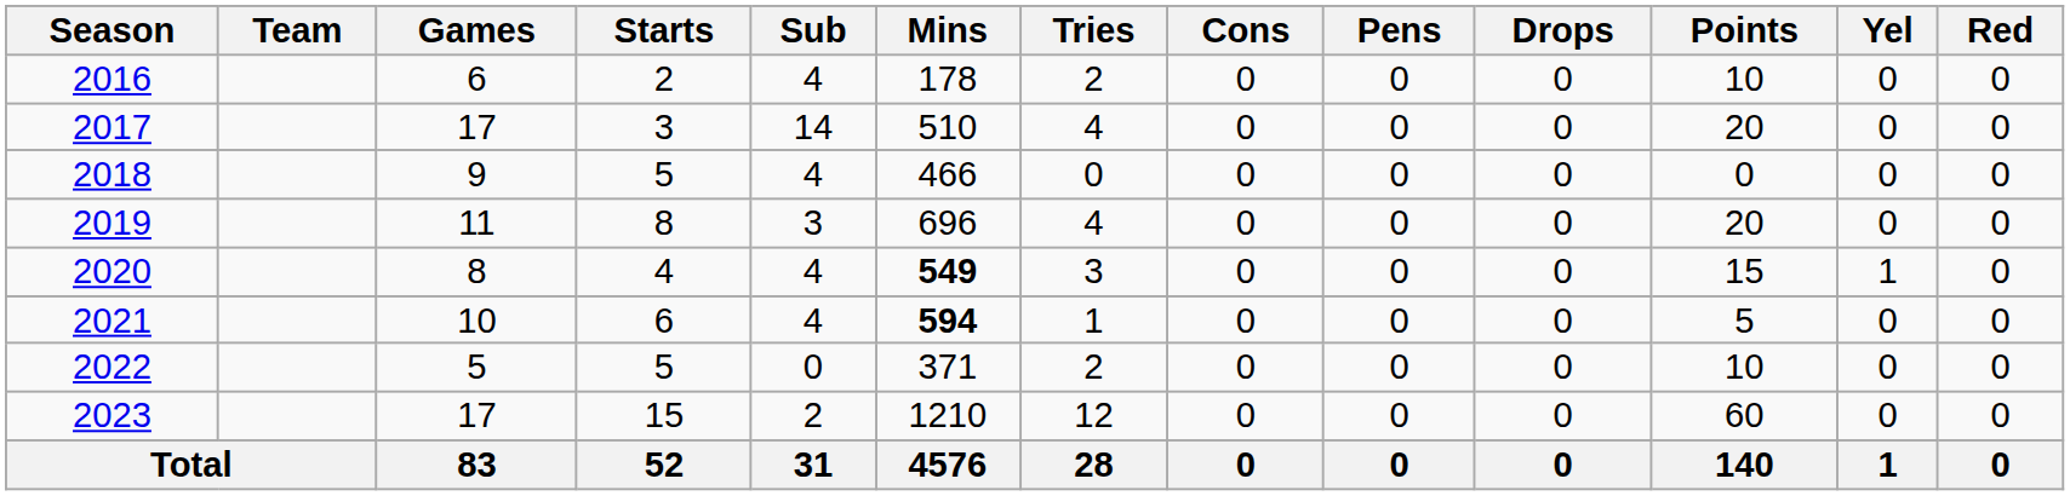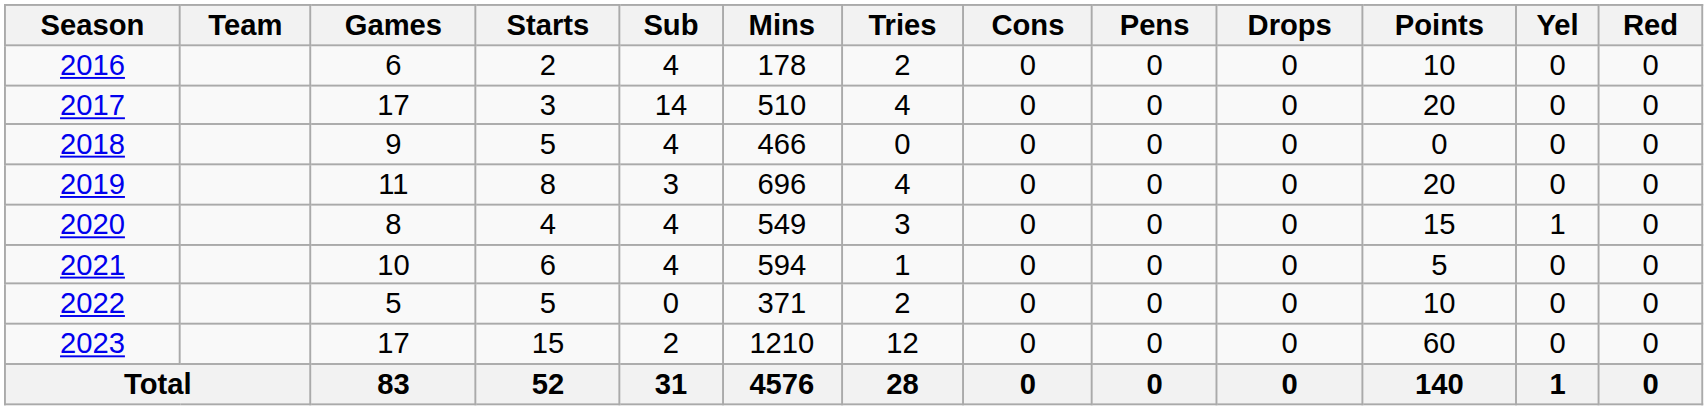 <table class="wikitable" style="text-align:center; line-height:90%; font-size:95%; width:70%;">
 <tr>
 <th>Season</th>
 <th>Team</th>
 <th>Games</th>
 <th>Starts</th>
 <th>Sub</th>
 <th>Mins</th>
 <th>Tries</th>
 <th>Cons</th>
 <th>Pens</th>
 <th>Drops</th>
 <th>Points</th>
 <th>Yel</th>
 <th>Red</th>
 </tr>
 <tr>
 <td><a href='#'>2016</a></td>
 <td></td>
 <td>6</td>
 <td>2</td>
 <td>4</td>
 <td>178</td>
 <td>2</td>
 <td>0</td>
 <td>0</td>
 <td>0</td>
 <td>10</td>
 <td>0</td>
 <td>0</td>
 </tr>
 <tr>
 <td><a href='#'>2017</a></td>
 <td></td>
 <td>17</td>
 <td>3</td>
 <td>14</td>
 <td>510</td>
 <td>4</td>
 <td>0</td>
 <td>0</td>
 <td>0</td>
 <td>20</td>
 <td>0</td>
 <td>0</td>
 </tr>
 <tr>
 <td><a href='#'>2018</a></td>
 <td></td>
 <td>9</td>
 <td>5</td>
 <td>4</td>
 <td>466</td>
 <td>0</td>
 <td>0</td>
 <td>0</td>
 <td>0</td>
 <td>0</td>
 <td>0</td>
 <td>0</td>
 </tr>
 <tr>
 <td><a href='#'>2019</a></td>
 <td></td>
 <td>11</td>
 <td>8</td>
 <td>3</td>
 <td>696</td>
 <td>4</td>
 <td>0</td>
 <td>0</td>
 <td>0</td>
 <td>20</td>
 <td>0</td>
 <td>0</td>
 </tr>
 <tr>
 <td><a href='#'>2020</a></td>
 <td></td>
 <td>8</td>
 <td>4</td>
 <td>4</td>
-<td><strong>549</strong></td>
+<td>549</td>
 <td>3</td>
 <td>0</td>
 <td>0</td>
 <td>0</td>
 <td>15</td>
 <td>1</td>
 <td>0</td>
 </tr>
 <tr>
 <td><a href='#'>2021</a></td>
 <td></td>
 <td>10</td>
 <td>6</td>
 <td>4</td>
-<td><strong>594</strong></td>
+<td>594</td>
 <td>1</td>
 <td>0</td>
 <td>0</td>
 <td>0</td>
 <td>5</td>
 <td>0</td>
 <td>0</td>
 </tr>
 <tr>
 <td><a href='#'>2022</a></td>
 <td></td>
 <td>5</td>
 <td>5</td>
 <td>0</td>
 <td>371</td>
 <td>2</td>
 <td>0</td>
 <td>0</td>
 <td>0</td>
 <td>10</td>
 <td>0</td>
 <td>0</td>
 </tr>
 <tr>
 <td><a href='#'>2023</a></td>
 <td></td>
 <td>17</td>
 <td>15</td>
 <td>2</td>
 <td>1210</td>
 <td>12</td>
 <td>0</td>
 <td>0</td>
 <td>0</td>
 <td>60</td>
 <td>0</td>
 <td>0</td>
 </tr>
 <tr>
 <th colspan="2">Total</th>
 <th>83</th>
 <th>52</th>
 <th>31</th>
 <th>4576</th>
 <th>28</th>
 <th>0</th>
 <th>0</th>
 <th>0</th>
 <th>140</th>
 <th>1</th>
 <th>0</th>
 </tr>
 </table>
